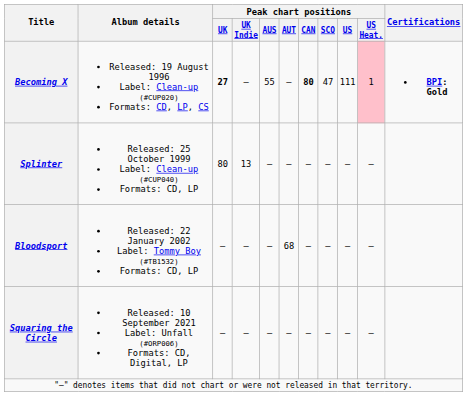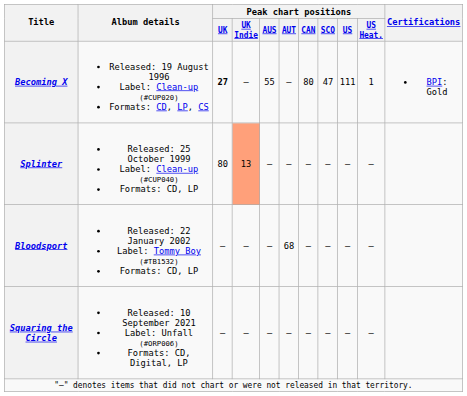 <table class="wikitable plainrowheaders" style="text-align:center;">
 <tr>
 <th scope="col" rowspan="2" style="width:8em;">Title</th>
 <th scope="col" rowspan="2" style="width:15em;">Album details</th>
 <th scope="col" colspan="8">Peak chart positions</th>
 <th scope="col" rowspan="2" style="width:8em;"><a href='#'>Certifications</a></th>
 </tr>
 <tr>
 <th style="width:2em;font-size:90%;"><a href='#'>UK</a><br></th>
 <th style="width:2em;font-size:90%;"><a href='#'>UK<br>Indie</a><br></th>
 <th style="width:2em;font-size:90%;"><a href='#'>AUS</a><br></th>
 <th style="width:2em;font-size:90%;"><a href='#'>AUT</a><br></th>
 <th style="width:2em;font-size:90%;"><a href='#'>CAN</a><br></th>
 <th style="width:2em;font-size:90%;"><a href='#'>SCO</a><br></th>
 <th style="width:2em;font-size:90%;"><a href='#'>US</a><br></th>
 <th style="width:2em;font-size:90%;"><a href='#'>US<br>Heat.</a><br></th>
 </tr>
 <tr>
 <th scope="row"><em><a href='#'>Becoming X</a></em></th>
 <td><br><ul><li>Released: 19 August 1996</li><li>Label: <a href='#'>Clean-up</a> <small>(#CUP020)</small></li><li>Formats: <a href='#'>CD</a>, <a href='#'>LP</a>, <a href='#'>CS</a></li></ul></td>
 <td><strong>27</strong></td>
 <td>—</td>
 <td>55</td>
 <td>—</td>
-<td><strong>80</strong></td>
+<td>80</td>
 <td>47</td>
 <td>111</td>
-<td style="background: pink;">1</td>
-<td><strong><br><ul><li><a href='#'>BPI</a>: Gold</li></ul></strong></td>
+<td>1</td>
+<td><br><ul><li><a href='#'>BPI</a>: Gold</li></ul></td>
 </tr>
 <tr>
 <th scope="row"><em><a href='#'>Splinter</a></em></th>
 <td><br><ul><li>Released: 25 October 1999</li><li>Label: <a href='#'>Clean-up</a> <small>(#CUP040)</small></li><li>Formats: CD, LP</li></ul></td>
 <td>80</td>
-<td>13</td>
+<td style="background: lightsalmon;">13</td>
 <td>—</td>
 <td>—</td>
 <td>—</td>
 <td>—</td>
 <td>—</td>
 <td>—</td>
 <td></td>
 </tr>
 <tr>
 <th scope="row"><em><a href='#'>Bloodsport</a></em></th>
 <td><br><ul><li>Released: 22 January 2002</li><li>Label: <a href='#'>Tommy Boy</a> <small>(#TB1532)</small></li><li>Formats: CD, LP</li></ul></td>
 <td>—</td>
 <td>—</td>
 <td>—</td>
 <td>68</td>
 <td>—</td>
 <td>—</td>
 <td>—</td>
 <td>—</td>
 <td></td>
 </tr>
 <tr>
 <th scope="row"><em><a href='#'>Squaring the Circle</a></em></th>
 <td><br><ul><li>Released: 10 September 2021</li><li>Label: Unfall <small>(#ORP006)</small></li><li>Formats: CD, Digital, LP</li></ul></td>
 <td>—</td>
 <td>—</td>
 <td>—</td>
 <td>—</td>
 <td>—</td>
 <td>—</td>
 <td>—</td>
 <td>—</td>
 <td></td>
 </tr>
 <tr>
 <td align="center" colspan="15" style="font-size:90%">"—" denotes items that did not chart or were not released in that territory.</td>
 </tr>
 </table>
